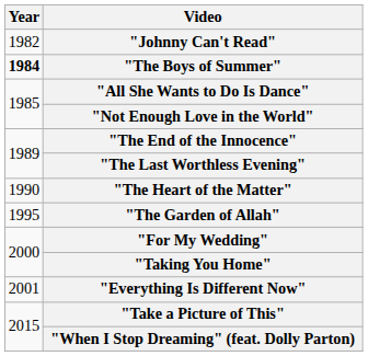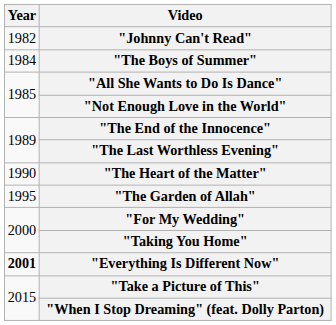 <table class="wikitable plainrowheaders">
 <tr>
 <th>Year</th>
 <th style="width:20em;">Video</th>
 </tr>
 <tr>
 <td>1982</td>
 <th scope="row">"Johnny Can't Read"</th>
 </tr>
 <tr>
-<td><strong>1984</strong></td>
+<td>1984</td>
 <th scope="row">"The Boys of Summer"</th>
 </tr>
 <tr>
 <td rowspan="2">1985</td>
 <th scope="row">"All She Wants to Do Is Dance"</th>
 </tr>
 <tr>
 <th scope="row">"Not Enough Love in the World"</th>
 </tr>
 <tr>
 <td rowspan="2">1989</td>
 <th scope="row">"The End of the Innocence"</th>
 </tr>
 <tr>
 <th scope="row">"The Last Worthless Evening"</th>
 </tr>
 <tr>
 <td>1990</td>
 <th scope="row">"The Heart of the Matter"</th>
 </tr>
 <tr>
 <td>1995</td>
 <th scope="row">"The Garden of Allah"</th>
 </tr>
 <tr>
 <td rowspan="2">2000</td>
 <th scope="row">"For My Wedding"</th>
 </tr>
 <tr>
 <th scope="row">"Taking You Home"</th>
 </tr>
 <tr>
-<td>2001</td>
+<td><strong>2001</strong></td>
 <th scope="row">"Everything Is Different Now"</th>
 </tr>
 <tr>
 <td rowspan="2">2015</td>
 <th scope="row">"Take a Picture of This"</th>
 </tr>
 <tr>
 <th scope="row">"When I Stop Dreaming" (feat. Dolly Parton)</th>
 </tr>
 </table>
